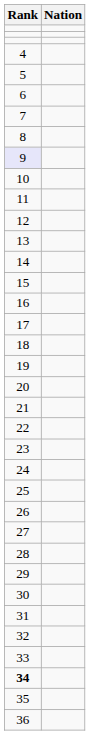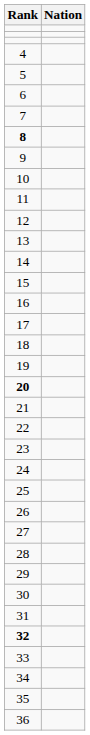 <table class="wikitable sortable" style="text-align:left">
 <tr>
 <th>Rank</th>
 <th>Nation</th>
 </tr>
 <tr>
 <td align="center"></td>
 <td></td>
 </tr>
 <tr>
 <td align="center"></td>
 <td></td>
 </tr>
 <tr>
 <td align="center"></td>
 <td></td>
 </tr>
 <tr>
 <td align="center">4</td>
 <td></td>
 </tr>
 <tr>
 <td align="center">5</td>
 <td></td>
 </tr>
 <tr>
 <td align="center">6</td>
 <td></td>
 </tr>
 <tr>
 <td align="center">7</td>
 <td></td>
 </tr>
 <tr>
-<td align="center">8</td>
+<td align="center"><strong>8</strong></td>
 <td></td>
 </tr>
 <tr>
-<td align="center" style="background: lavender;">9</td>
+<td align="center">9</td>
 <td></td>
 </tr>
 <tr>
 <td align="center">10</td>
 <td></td>
 </tr>
 <tr>
 <td align="center">11</td>
 <td></td>
 </tr>
 <tr>
 <td align="center">12</td>
 <td></td>
 </tr>
 <tr>
 <td align="center">13</td>
 <td></td>
 </tr>
 <tr>
 <td align="center">14</td>
 <td></td>
 </tr>
 <tr>
 <td align="center">15</td>
 <td></td>
 </tr>
 <tr>
 <td align="center">16</td>
 <td></td>
 </tr>
 <tr>
 <td align="center">17</td>
 <td></td>
 </tr>
 <tr>
 <td align="center">18</td>
 <td></td>
 </tr>
 <tr>
 <td align="center">19</td>
 <td></td>
 </tr>
 <tr>
-<td align="center">20</td>
+<td align="center"><strong>20</strong></td>
 <td></td>
 </tr>
 <tr>
 <td align="center">21</td>
 <td></td>
 </tr>
 <tr>
 <td align="center">22</td>
 <td></td>
 </tr>
 <tr>
 <td align="center">23</td>
 <td></td>
 </tr>
 <tr>
 <td align="center">24</td>
 <td></td>
 </tr>
 <tr>
 <td align="center">25</td>
 <td></td>
 </tr>
 <tr>
 <td align="center">26</td>
 <td></td>
 </tr>
 <tr>
 <td align="center">27</td>
 <td></td>
 </tr>
 <tr>
 <td align="center">28</td>
 <td></td>
 </tr>
 <tr>
 <td align="center">29</td>
 <td></td>
 </tr>
 <tr>
 <td align="center">30</td>
 <td></td>
 </tr>
 <tr>
 <td align="center">31</td>
 <td></td>
 </tr>
 <tr>
-<td align="center">32</td>
+<td align="center"><strong>32</strong></td>
 <td></td>
 </tr>
 <tr>
 <td align="center">33</td>
 <td></td>
 </tr>
 <tr>
-<td align="center"><strong>34</strong></td>
+<td align="center">34</td>
 <td></td>
 </tr>
 <tr>
 <td align="center">35</td>
 <td></td>
 </tr>
 <tr>
 <td align="center">36</td>
 <td></td>
 </tr>
 </table>
